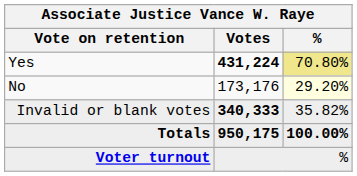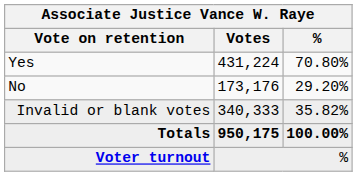 <table class="wikitable" style="font-size: 95%;">
 <tr style="background-color:#E9E9E9">
 <th colspan=7>Associate Justice Vance W. Raye</th>
 </tr>
 <tr style="background-color:#E9E9E9">
 <th style="width: 170px">Vote on retention</th>
 <th style="width: 50px">Votes</th>
 <th style="width: 40px">%</th>
 </tr>
 <tr>
 <td>Yes</td>
-<td align="right"><strong>431,224</strong></td>
-<td align="right" style="background: khaki;">70.80%</td>
+<td align="right">431,224</td>
+<td align="right">70.80%</td>
 </tr>
 <tr>
 <td>No</td>
 <td align="right">173,176</td>
-<td align="right" style="background: lightyellow;">29.20%</td>
+<td align="right">29.20%</td>
 </tr>
 <tr bgcolor="#EEEEEE">
 <td align="right">Invalid or blank votes</td>
-<td align="right"><strong>340,333</strong></td>
+<td align="right">340,333</td>
 <td align="right">35.82%</td>
 </tr>
 <tr bgcolor="#EEEEEE">
 <td align="right"><strong>Totals</strong></td>
 <td align="right"><strong>950,175</strong></td>
 <td align="right"><strong>100.00%</strong></td>
 </tr>
 <tr bgcolor="#EEEEEE">
 <td align="right"><strong><a href='#'>Voter turnout</a></strong></td>
 <td colspan="2" align="right">%</td>
 </tr>
 </table>
